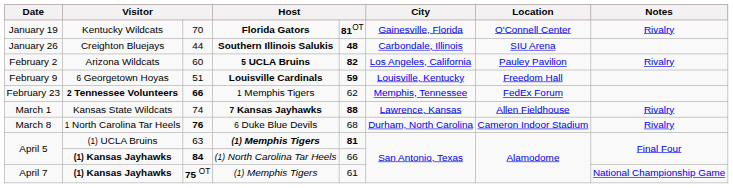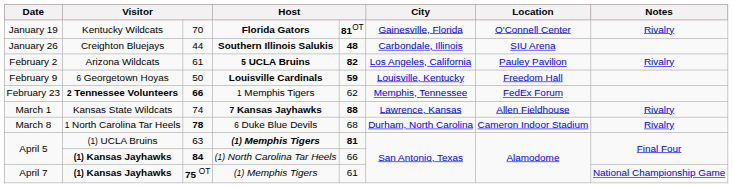 <table class="wikitable" style="text-align:center">
 <tr style="background:#A32638;"|>
 <th>Date</th>
 <th colspan=2>Visitor</th>
 <th colspan=2>Host</th>
 <th>City</th>
 <th>Location</th>
 <th>Notes</th>
 </tr>
 <tr>
 <td>January 19</td>
 <td>Kentucky Wildcats</td>
 <td>70</td>
 <td><strong>Florida Gators</strong></td>
 <td><strong>81</strong><sup>OT</sup></td>
 <td><a href='#'>Gainesville, Florida</a></td>
 <td><a href='#'>O'Connell Center</a></td>
 <td><a href='#'>Rivalry</a></td>
 </tr>
 <tr>
 <td>January 26</td>
 <td>Creighton Bluejays</td>
 <td>44</td>
 <td><strong>Southern Illinois Salukis</strong></td>
 <td><strong>48</strong></td>
 <td><a href='#'>Carbondale, Illinois</a></td>
 <td><a href='#'>SIU Arena</a></td>
 <td></td>
 </tr>
 <tr>
 <td>February 2</td>
 <td>Arizona Wildcats</td>
-<td>60</td>
+<td>61</td>
 <td><strong><small>5</small> UCLA Bruins</strong></td>
 <td><strong>82</strong></td>
 <td><a href='#'>Los Angeles, California</a></td>
 <td><a href='#'>Pauley Pavilion</a></td>
 <td><a href='#'>Rivalry</a></td>
 </tr>
 <tr>
 <td>February 9</td>
 <td><small>6</small> Georgetown Hoyas</td>
-<td>51</td>
+<td>50</td>
 <td><strong>Louisville Cardinals</strong></td>
 <td><strong>59</strong></td>
 <td><a href='#'>Louisville, Kentucky</a></td>
 <td><a href='#'>Freedom Hall</a></td>
 <td></td>
 </tr>
 <tr>
 <td>February 23</td>
 <td><strong><small>2</small> Tennessee Volunteers</strong></td>
 <td><strong>66</strong></td>
 <td><small>1</small> Memphis Tigers</td>
 <td>62</td>
 <td><a href='#'>Memphis, Tennessee</a></td>
 <td><a href='#'>FedEx Forum</a></td>
 <td></td>
 </tr>
 <tr>
 <td>March 1</td>
 <td>Kansas State Wildcats</td>
 <td>74</td>
 <td><strong><small>7</small> Kansas Jayhawks</strong></td>
 <td><strong>88</strong></td>
 <td><a href='#'>Lawrence, Kansas</a></td>
 <td><a href='#'>Allen Fieldhouse</a></td>
 <td><a href='#'>Rivalry</a></td>
 </tr>
 <tr>
 <td>March 8</td>
 <td><small>1</small> North Carolina Tar Heels</td>
-<td><strong>76</strong></td>
+<td><strong>78</strong></td>
 <td><small>6</small> Duke Blue Devils</td>
 <td>68</td>
 <td><a href='#'>Durham, North Carolina</a></td>
 <td><a href='#'>Cameron Indoor Stadium</a></td>
 <td><a href='#'>Rivalry</a></td>
 </tr>
 <tr>
 <td rowspan="2">April 5</td>
 <td><small>(1)</small> UCLA Bruins</td>
 <td>63</td>
 <td><strong><em><small>(1)</small> Memphis Tigers</em></strong></td>
 <td><strong>81</strong></td>
 <td rowspan="3"><a href='#'>San Antonio, Texas</a></td>
 <td rowspan="3"><a href='#'>Alamodome</a></td>
 <td rowspan="2"><a href='#'>Final Four</a></td>
 </tr>
 <tr>
 <td><strong><small>(1)</small> Kansas Jayhawks</strong></td>
 <td><strong>84</strong></td>
 <td><em><small>(1)</small> North Carolina Tar Heels</em></td>
 <td>66</td>
 </tr>
 <tr>
 <td>April 7</td>
 <td><strong><small>(1)</small> Kansas Jayhawks</strong></td>
 <td><strong>75</strong> <sup>OT</sup></td>
 <td><em><small>(1)</small> Memphis Tigers</em></td>
 <td>61</td>
 <td><a href='#'>National Championship Game</a></td>
 </tr>
 </table>
